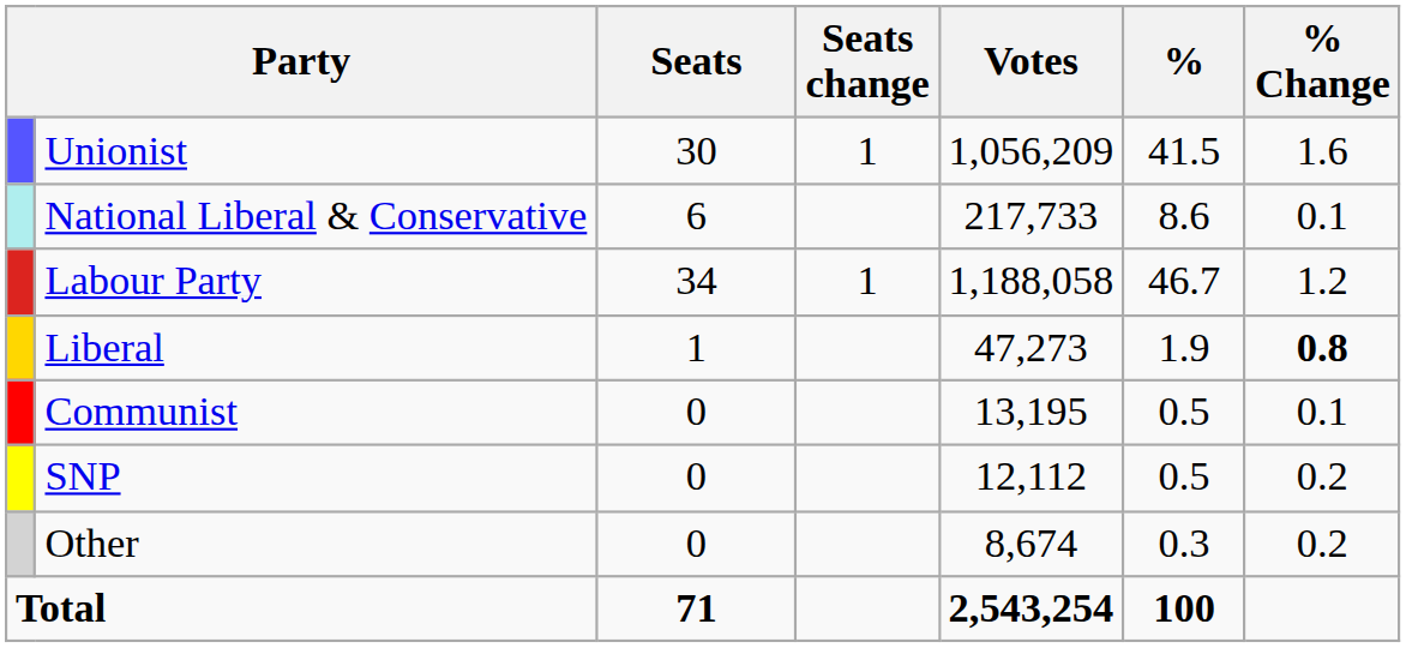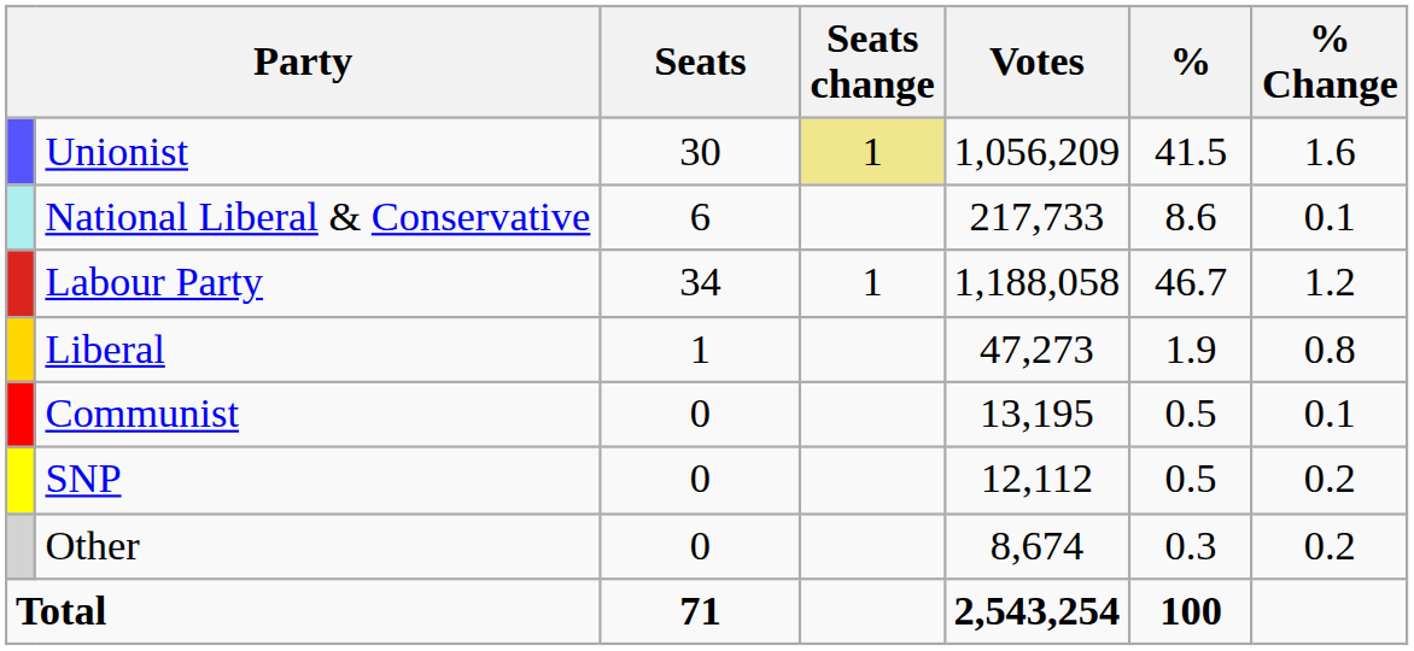 <table class="wikitable sortable">
 <tr>
 <th style="width:200px" colspan=3>Party</th>
 <th style="width:70px;">Seats</th>
 <th style="width:40px;">Seats change</th>
 <th style="width:40px;">Votes</th>
 <th style="width:40px;">%</th>
 <th style="width:40px;">% Change</th>
 </tr>
 <tr>
 <td style="background-color:#5555FF"> </td>
 <td colspan=2><a href='#'>Unionist</a></td>
 <td align="center">30</td>
-<td align="center"> 1</td>
+<td align="center" style="background: khaki;"> 1</td>
 <td align="center">1,056,209</td>
 <td align="center">41.5</td>
 <td align="center"> 1.6</td>
 </tr>
 <tr>
 <td style="background-color:#AFEEEE"> </td>
 <td colspan=2><a href='#'>National Liberal</a> & <a href='#'>Conservative</a></td>
 <td align="center">6</td>
 <td align="center"></td>
 <td align="center">217,733</td>
 <td align="center">8.6</td>
 <td align="center"> 0.1</td>
 </tr>
 <tr>
 <td style="background-color:#DC241f"> </td>
 <td colspan=2><a href='#'>Labour Party</a></td>
 <td align=center>34</td>
 <td align=center> 1</td>
 <td align=center>1,188,058</td>
 <td align=center>46.7</td>
 <td align=center> 1.2</td>
 </tr>
 <tr>
 <td style="background-color:#FFD700"> </td>
 <td colspan=2><a href='#'>Liberal</a></td>
 <td align=center>1</td>
 <td align=center></td>
 <td align=center>47,273</td>
 <td align=center>1.9</td>
-<td align=center><strong>0.8</strong></td>
+<td align=center>0.8</td>
 </tr>
 <tr>
 <td style="background-color:#FF0000"> </td>
 <td colspan=2><a href='#'>Communist</a></td>
 <td align=center>0</td>
 <td align=center></td>
 <td align=center>13,195</td>
 <td align=center>0.5</td>
 <td align=center> 0.1</td>
 </tr>
 <tr>
 <td style="background-color:#FFFF00"> </td>
 <td colspan=2><a href='#'>SNP</a></td>
 <td align=center>0</td>
 <td align=center></td>
 <td align=center>12,112</td>
 <td align=center>0.5</td>
 <td align=center> 0.2</td>
 </tr>
 <tr>
 <td style="background-color:#D3D3D3"> </td>
 <td colspan=2>Other</td>
 <td align=center>0</td>
 <td align=center></td>
 <td align=center>8,674</td>
 <td align=center>0.3</td>
 <td align=center> 0.2</td>
 </tr>
 <tr>
 <td colspan=3><strong>Total</strong></td>
 <td align=center><strong>71</strong></td>
 <td align=center></td>
 <td align=center><strong>2,543,254</strong></td>
 <td align=center><strong>100</strong></td>
 <td align=center></td>
 </tr>
 </table>
